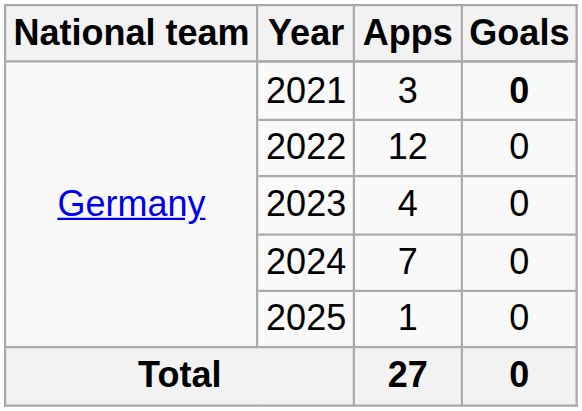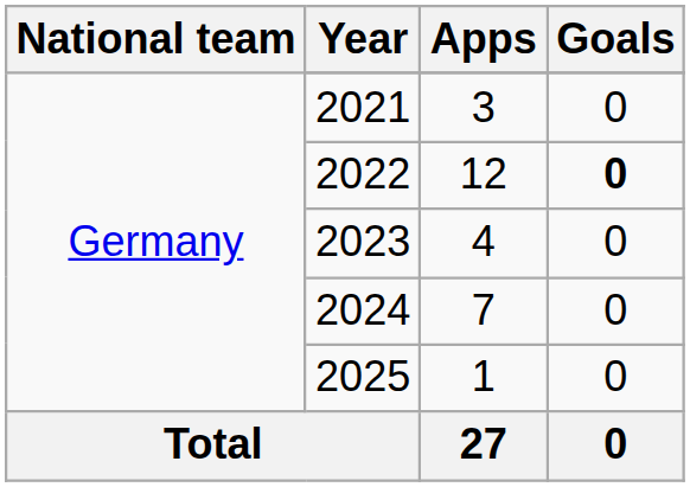 <table class=wikitable style=text-align:center>
 <tr>
 <th>National team</th>
 <th>Year</th>
 <th>Apps</th>
 <th>Goals</th>
 </tr>
 <tr>
 <td rowspan=6><a href='#'>Germany</a></td>
 </tr>
 <tr>
 <td>2021</td>
 <td>3</td>
-<td><strong>0</strong></td>
+<td>0</td>
 </tr>
 <tr>
 <td>2022</td>
 <td>12</td>
-<td>0</td>
+<td><strong>0</strong></td>
 </tr>
 <tr>
 <td>2023</td>
 <td>4</td>
 <td>0</td>
 </tr>
 <tr>
 <td>2024</td>
 <td>7</td>
 <td>0</td>
 </tr>
 <tr>
 <td>2025</td>
 <td>1</td>
 <td>0</td>
 </tr>
 <tr>
 <th colspan=2>Total</th>
 <th>27</th>
 <th>0</th>
 </tr>
 </table>
